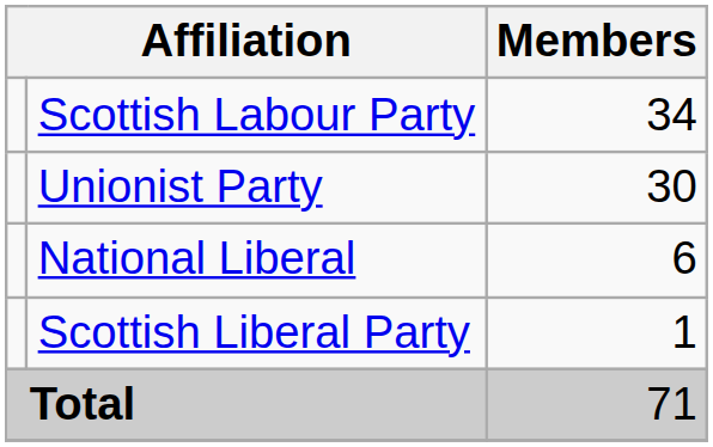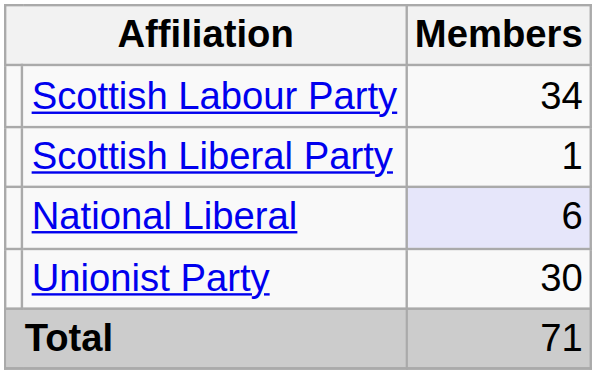 <table class="wikitable">
 <tr>
 <th colspan=2>Affiliation</th>
 <th>Members</th>
 </tr>
 <tr>
 <td style="color:inherit;background:"></td>
 <td><a href='#'>Scottish Labour Party</a></td>
 <td style="text-align:right;">34</td>
 </tr>
 <tr>
-<td style="color:inherit;background-color: "></td>
-<td><a href='#'>Unionist Party</a></td>
-<td style="text-align:right;">30</td>
+<td style="background-color: "></td>
+<td><a href='#'>Scottish Liberal Party</a></td>
+<td style="text-align:right;">1</td>
 </tr>
 <tr>
 <td style="color:inherit;background-color: "></td>
 <td><a href='#'>National Liberal</a></td>
-<td style="text-align:right;">6</td>
+<td style="background: lavender; text-align:right;">6</td>
 </tr>
 <tr>
-<td style="background-color: "></td>
-<td><a href='#'>Scottish Liberal Party</a></td>
-<td style="text-align:right;">1</td>
+<td style="color:inherit;background-color: "></td>
+<td><a href='#'>Unionist Party</a></td>
+<td style="text-align:right;">30</td>
 </tr>
 <tr style="background:#ccc;">
 <td colspan=2> <strong>Total</strong></td>
 <td style="text-align:right;">71</td>
 </tr>
 <tr>
 </tr>
 </table>
